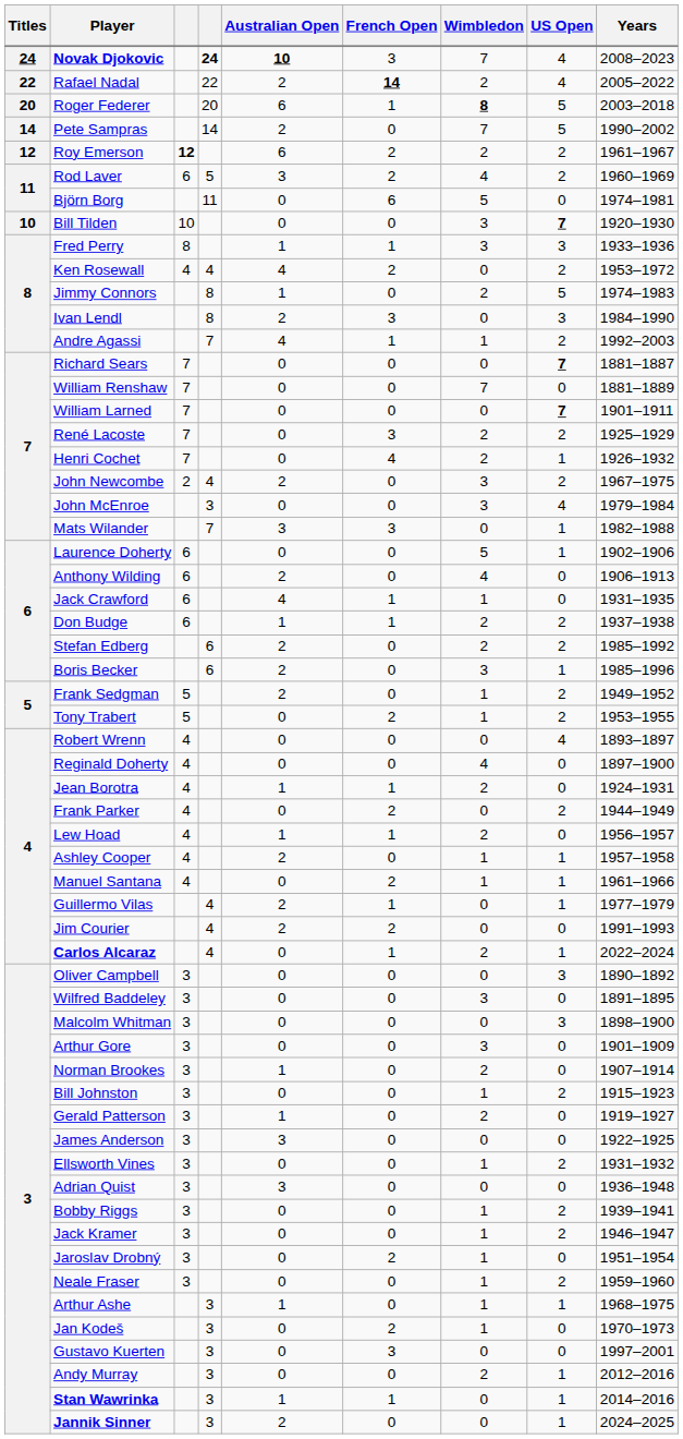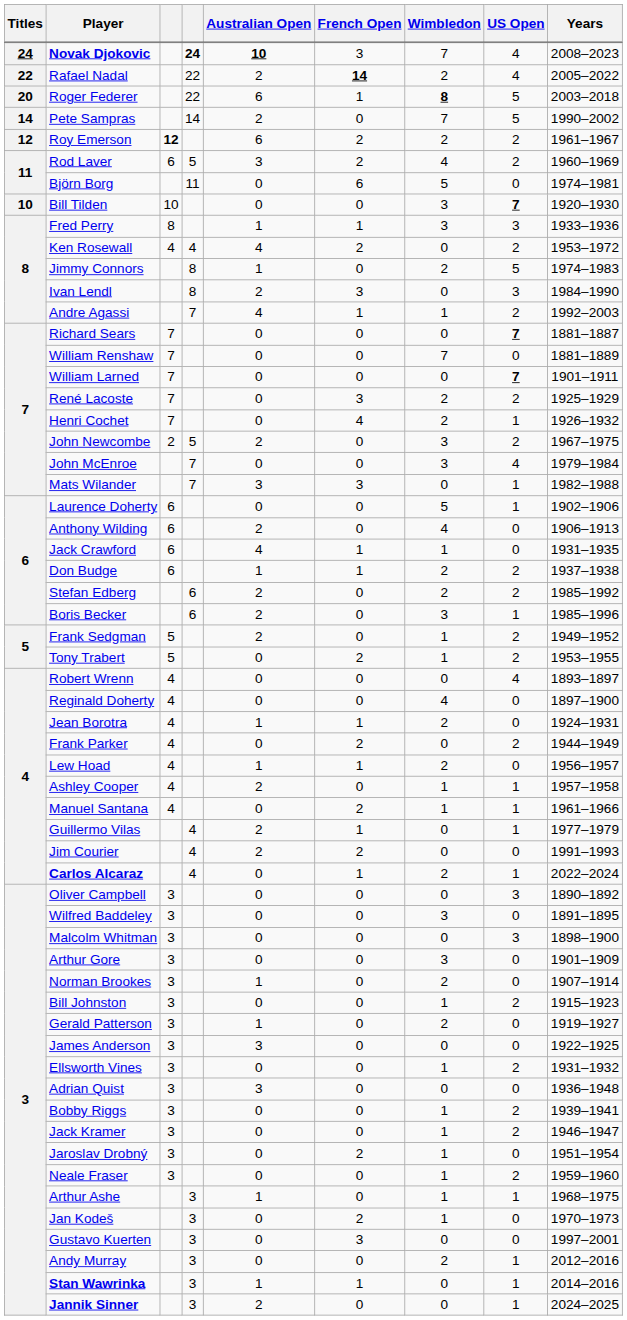 <table class="wikitable sortable mw-datatable sticky-table-row1 sort-under-center" style="text-align: center;">
 <tr style="height: 2.8em; border-bottom: 2px solid gray;">
 <th>Titles</th>
 <th class="unsortable">Player</th>
 <th></th>
 <th></th>
 <th><a href='#'>Australian Open</a></th>
 <th><a href='#'>French Open</a></th>
 <th><a href='#'>Wimbledon</a></th>
 <th><a href='#'>US Open</a></th>
 <th>Years</th>
 </tr>
 <tr>
 <th scope=row><u>24</u></th>
 <td style="text-align:left;"> <strong><a href='#'>Novak Djokovic</a></strong></td>
 <td></td>
 <td><strong>24</strong></td>
 <td><strong><u>10</u></strong></td>
 <td>3</td>
 <td>7</td>
 <td>4</td>
 <td>2008–2023</td>
 </tr>
 <tr>
 <th scope="row" style="text-align: center;">22</th>
 <td style="text-align:left;"> <a href='#'>Rafael Nadal</a></td>
 <td></td>
 <td>22</td>
 <td>2</td>
 <td><strong><u>14</u></strong></td>
 <td>2</td>
 <td>4</td>
 <td>2005–2022</td>
 </tr>
 <tr>
 <th scope="row" style="text-align: center;">20</th>
 <td style="text-align:left;"> <a href='#'>Roger Federer</a></td>
 <td></td>
-<td>20</td>
+<td>22</td>
 <td>6</td>
 <td>1</td>
 <td><strong><u>8</u></strong></td>
 <td>5</td>
 <td>2003–2018</td>
 </tr>
 <tr>
 <th scope="row" style="text-align: center;">14</th>
 <td style="text-align:left;"> <a href='#'>Pete Sampras</a></td>
 <td></td>
 <td>14</td>
 <td>2</td>
 <td>0</td>
 <td>7</td>
 <td>5</td>
 <td>1990–2002</td>
 </tr>
 <tr>
 <th scope="row" style="text-align: center;">12</th>
 <td style="text-align:left;"> <a href='#'>Roy Emerson</a></td>
 <td><strong>12</strong></td>
 <td></td>
 <td>6</td>
 <td>2</td>
 <td>2</td>
 <td>2</td>
 <td>1961–1967</td>
 </tr>
 <tr>
 <th scope="row" rowspan="2" style="text-align: center;">11</th>
 <td style="text-align:left;"> <a href='#'>Rod Laver</a></td>
 <td>6</td>
 <td>5</td>
 <td>3</td>
 <td>2</td>
 <td>4</td>
 <td>2</td>
 <td>1960–1969</td>
 </tr>
 <tr>
 <td style="text-align:left;"> <a href='#'>Björn Borg</a></td>
 <td></td>
 <td>11</td>
 <td>0</td>
 <td>6</td>
 <td>5</td>
 <td>0</td>
 <td>1974–1981</td>
 </tr>
 <tr>
 <th scope="row" style="text-align: center;">10</th>
 <td style="text-align:left;"> <a href='#'>Bill Tilden</a></td>
 <td>10</td>
 <td></td>
 <td>0</td>
 <td>0</td>
 <td>3</td>
 <td><strong><u>7</u></strong></td>
 <td>1920–1930</td>
 </tr>
 <tr>
 <th scope="row" rowspan="5" style="text-align: center;">8</th>
 <td style="text-align:left;"> <a href='#'>Fred Perry</a></td>
 <td>8</td>
 <td></td>
 <td>1</td>
 <td>1</td>
 <td>3</td>
 <td>3</td>
 <td>1933–1936</td>
 </tr>
 <tr>
 <td style="text-align:left;"> <a href='#'>Ken Rosewall</a></td>
 <td>4</td>
 <td>4</td>
 <td>4</td>
 <td>2</td>
 <td>0</td>
 <td>2</td>
 <td>1953–1972</td>
 </tr>
 <tr>
 <td style="text-align:left;"> <a href='#'>Jimmy Connors</a></td>
 <td></td>
 <td>8</td>
 <td>1</td>
 <td>0</td>
 <td>2</td>
 <td>5</td>
 <td>1974–1983</td>
 </tr>
 <tr>
 <td style="text-align:left;"> <a href='#'>Ivan Lendl</a></td>
 <td></td>
 <td>8</td>
 <td>2</td>
 <td>3</td>
 <td>0</td>
 <td>3</td>
 <td>1984–1990</td>
 </tr>
 <tr>
 <td style="text-align:left;"> <a href='#'>Andre Agassi</a></td>
 <td></td>
 <td>7</td>
 <td>4</td>
 <td>1</td>
 <td>1</td>
 <td>2</td>
 <td>1992–2003</td>
 </tr>
 <tr>
 <th scope="row" rowspan="8" style="text-align: center;">7</th>
 <td style="text-align:left;"> <a href='#'>Richard Sears</a></td>
 <td>7</td>
 <td></td>
 <td>0</td>
 <td>0</td>
 <td>0</td>
 <td><strong><u>7</u></strong></td>
 <td>1881–1887</td>
 </tr>
 <tr>
 <td style="text-align:left;"> <a href='#'>William Renshaw</a></td>
 <td>7</td>
 <td></td>
 <td>0</td>
 <td>0</td>
 <td>7</td>
 <td>0</td>
 <td>1881–1889</td>
 </tr>
 <tr>
 <td style="text-align:left;"> <a href='#'>William Larned</a></td>
 <td>7</td>
 <td></td>
 <td>0</td>
 <td>0</td>
 <td>0</td>
 <td><strong><u>7</u></strong></td>
 <td>1901–1911</td>
 </tr>
 <tr>
 <td style="text-align:left;"> <a href='#'>René Lacoste</a></td>
 <td>7</td>
 <td></td>
 <td>0</td>
 <td>3</td>
 <td>2</td>
 <td>2</td>
 <td>1925–1929</td>
 </tr>
 <tr>
 <td style="text-align:left;"> <a href='#'>Henri Cochet</a></td>
 <td>7</td>
 <td></td>
 <td>0</td>
 <td>4</td>
 <td>2</td>
 <td>1</td>
 <td>1926–1932</td>
 </tr>
 <tr>
 <td style="text-align:left;"> <a href='#'>John Newcombe</a></td>
 <td>2</td>
-<td>4</td>
+<td>5</td>
 <td>2</td>
 <td>0</td>
 <td>3</td>
 <td>2</td>
 <td>1967–1975</td>
 </tr>
 <tr>
 <td style="text-align:left;"> <a href='#'>John McEnroe</a></td>
 <td></td>
-<td>3</td>
+<td>7</td>
 <td>0</td>
 <td>0</td>
 <td>3</td>
 <td>4</td>
 <td>1979–1984</td>
 </tr>
 <tr>
 <td style="text-align:left;"> <a href='#'>Mats Wilander</a></td>
 <td></td>
 <td>7</td>
 <td>3</td>
 <td>3</td>
 <td>0</td>
 <td>1</td>
 <td>1982–1988</td>
 </tr>
 <tr>
 <th scope="row" rowspan="6" style="text-align: center;">6</th>
 <td style="text-align:left;"> <a href='#'>Laurence Doherty</a></td>
 <td>6</td>
 <td></td>
 <td>0</td>
 <td>0</td>
 <td>5</td>
 <td>1</td>
 <td>1902–1906</td>
 </tr>
 <tr>
 <td style="text-align:left;"> <a href='#'>Anthony Wilding</a></td>
 <td>6</td>
 <td></td>
 <td>2</td>
 <td>0</td>
 <td>4</td>
 <td>0</td>
 <td>1906–1913</td>
 </tr>
 <tr>
 <td style="text-align:left;"> <a href='#'>Jack Crawford</a></td>
 <td>6</td>
 <td></td>
 <td>4</td>
 <td>1</td>
 <td>1</td>
 <td>0</td>
 <td>1931–1935</td>
 </tr>
 <tr>
 <td style="text-align:left;"> <a href='#'>Don Budge</a></td>
 <td>6</td>
 <td></td>
 <td>1</td>
 <td>1</td>
 <td>2</td>
 <td>2</td>
 <td>1937–1938</td>
 </tr>
 <tr>
 <td style="text-align:left;"> <a href='#'>Stefan Edberg</a></td>
 <td></td>
 <td>6</td>
 <td>2</td>
 <td>0</td>
 <td>2</td>
 <td>2</td>
 <td>1985–1992</td>
 </tr>
 <tr>
 <td style="text-align:left;"> <a href='#'>Boris Becker</a></td>
 <td></td>
 <td>6</td>
 <td>2</td>
 <td>0</td>
 <td>3</td>
 <td>1</td>
 <td>1985–1996</td>
 </tr>
 <tr>
 <th scope="row" rowspan="2" style="text-align: center;">5</th>
 <td style="text-align:left;"> <a href='#'>Frank Sedgman</a></td>
 <td>5</td>
 <td></td>
 <td>2</td>
 <td>0</td>
 <td>1</td>
 <td>2</td>
 <td>1949–1952</td>
 </tr>
 <tr>
 <td style="text-align:left;"> <a href='#'>Tony Trabert</a></td>
 <td>5</td>
 <td></td>
 <td>0</td>
 <td>2</td>
 <td>1</td>
 <td>2</td>
 <td>1953–1955</td>
 </tr>
 <tr>
 <th scope="row" rowspan="10" style="text-align: center;">4</th>
 <td style="text-align:left;"> <a href='#'>Robert Wrenn</a></td>
 <td>4</td>
 <td></td>
 <td>0</td>
 <td>0</td>
 <td>0</td>
 <td>4</td>
 <td>1893–1897</td>
 </tr>
 <tr>
 <td style="text-align:left;"> <a href='#'>Reginald Doherty</a></td>
 <td>4</td>
 <td></td>
 <td>0</td>
 <td>0</td>
 <td>4</td>
 <td>0</td>
 <td>1897–1900</td>
 </tr>
 <tr>
 <td style="text-align:left;"> <a href='#'>Jean Borotra</a></td>
 <td>4</td>
 <td></td>
 <td>1</td>
 <td>1</td>
 <td>2</td>
 <td>0</td>
 <td>1924–1931</td>
 </tr>
 <tr>
 <td style="text-align:left;"> <a href='#'>Frank Parker</a></td>
 <td>4</td>
 <td></td>
 <td>0</td>
 <td>2</td>
 <td>0</td>
 <td>2</td>
 <td>1944–1949</td>
 </tr>
 <tr>
 <td style="text-align:left;"> <a href='#'>Lew Hoad</a></td>
 <td>4</td>
 <td></td>
 <td>1</td>
 <td>1</td>
 <td>2</td>
 <td>0</td>
 <td>1956–1957</td>
 </tr>
 <tr>
 <td style="text-align:left;"> <a href='#'>Ashley Cooper</a></td>
 <td>4</td>
 <td></td>
 <td>2</td>
 <td>0</td>
 <td>1</td>
 <td>1</td>
 <td>1957–1958</td>
 </tr>
 <tr>
 <td style="text-align:left;"> <a href='#'>Manuel Santana</a></td>
 <td>4</td>
 <td></td>
 <td>0</td>
 <td>2</td>
 <td>1</td>
 <td>1</td>
 <td>1961–1966</td>
 </tr>
 <tr>
 <td style="text-align:left;"> <a href='#'>Guillermo Vilas</a></td>
 <td></td>
 <td>4</td>
 <td>2</td>
 <td>1</td>
 <td>0</td>
 <td>1</td>
 <td>1977–1979</td>
 </tr>
 <tr>
 <td style="text-align:left;"> <a href='#'>Jim Courier</a></td>
 <td></td>
 <td>4</td>
 <td>2</td>
 <td>2</td>
 <td>0</td>
 <td>0</td>
 <td>1991–1993</td>
 </tr>
 <tr>
 <td style="text-align:left;"> <strong><a href='#'>Carlos Alcaraz</a></strong></td>
 <td></td>
 <td>4</td>
 <td>0</td>
 <td>1</td>
 <td>2</td>
 <td>1</td>
 <td>2022–2024</td>
 </tr>
 <tr>
 <th scope="row" rowspan="20" style="text-align: center;">3</th>
 <td style="text-align:left;"> <a href='#'>Oliver Campbell</a></td>
 <td>3</td>
 <td></td>
 <td>0</td>
 <td>0</td>
 <td>0</td>
 <td>3</td>
 <td>1890–1892</td>
 </tr>
 <tr>
 <td style="text-align:left;"> <a href='#'>Wilfred Baddeley</a></td>
 <td>3</td>
 <td></td>
 <td>0</td>
 <td>0</td>
 <td>3</td>
 <td>0</td>
 <td>1891–1895</td>
 </tr>
 <tr>
 <td style="text-align:left;"> <a href='#'>Malcolm Whitman</a></td>
 <td>3</td>
 <td></td>
 <td>0</td>
 <td>0</td>
 <td>0</td>
 <td>3</td>
 <td>1898–1900</td>
 </tr>
 <tr>
 <td style="text-align:left;"> <a href='#'>Arthur Gore</a></td>
 <td>3</td>
 <td></td>
 <td>0</td>
 <td>0</td>
 <td>3</td>
 <td>0</td>
 <td>1901–1909</td>
 </tr>
 <tr>
 <td style="text-align:left;"> <a href='#'>Norman Brookes</a></td>
 <td>3</td>
 <td></td>
 <td>1</td>
 <td>0</td>
 <td>2</td>
 <td>0</td>
 <td>1907–1914</td>
 </tr>
 <tr>
 <td style="text-align:left;"> <a href='#'>Bill Johnston</a></td>
 <td>3</td>
 <td></td>
 <td>0</td>
 <td>0</td>
 <td>1</td>
 <td>2</td>
 <td>1915–1923</td>
 </tr>
 <tr>
 <td style="text-align:left;"> <a href='#'>Gerald Patterson</a></td>
 <td>3</td>
 <td></td>
 <td>1</td>
 <td>0</td>
 <td>2</td>
 <td>0</td>
 <td>1919–1927</td>
 </tr>
 <tr>
 <td style="text-align:left;"> <a href='#'>James Anderson</a></td>
 <td>3</td>
 <td></td>
 <td>3</td>
 <td>0</td>
 <td>0</td>
 <td>0</td>
 <td>1922–1925</td>
 </tr>
 <tr>
 <td style="text-align:left;"> <a href='#'>Ellsworth Vines</a></td>
 <td>3</td>
 <td></td>
 <td>0</td>
 <td>0</td>
 <td>1</td>
 <td>2</td>
 <td>1931–1932</td>
 </tr>
 <tr>
 <td style="text-align:left;"> <a href='#'>Adrian Quist</a></td>
 <td>3</td>
 <td></td>
 <td>3</td>
 <td>0</td>
 <td>0</td>
 <td>0</td>
 <td>1936–1948</td>
 </tr>
 <tr>
 <td style="text-align:left;"> <a href='#'>Bobby Riggs</a></td>
 <td>3</td>
 <td></td>
 <td>0</td>
 <td>0</td>
 <td>1</td>
 <td>2</td>
 <td>1939–1941</td>
 </tr>
 <tr>
 <td style="text-align:left;"> <a href='#'>Jack Kramer</a></td>
 <td>3</td>
 <td></td>
 <td>0</td>
 <td>0</td>
 <td>1</td>
 <td>2</td>
 <td>1946–1947</td>
 </tr>
 <tr>
 <td style="text-align:left;"> <a href='#'>Jaroslav Drobný</a></td>
 <td>3</td>
 <td></td>
 <td>0</td>
 <td>2</td>
 <td>1</td>
 <td>0</td>
 <td>1951–1954</td>
 </tr>
 <tr>
 <td style="text-align:left;"> <a href='#'>Neale Fraser</a></td>
 <td>3</td>
 <td></td>
 <td>0</td>
 <td>0</td>
 <td>1</td>
 <td>2</td>
 <td>1959–1960</td>
 </tr>
 <tr>
 <td style="text-align:left;"> <a href='#'>Arthur Ashe</a></td>
 <td></td>
 <td>3</td>
 <td>1</td>
 <td>0</td>
 <td>1</td>
 <td>1</td>
 <td>1968–1975</td>
 </tr>
 <tr>
 <td style="text-align:left;"> <a href='#'>Jan Kodeš</a></td>
 <td></td>
 <td>3</td>
 <td>0</td>
 <td>2</td>
 <td>1</td>
 <td>0</td>
 <td>1970–1973</td>
 </tr>
 <tr>
 <td style="text-align:left;"> <a href='#'>Gustavo Kuerten</a></td>
 <td></td>
 <td>3</td>
 <td>0</td>
 <td>3</td>
 <td>0</td>
 <td>0</td>
 <td>1997–2001</td>
 </tr>
 <tr>
 <td style="text-align:left;"> <a href='#'>Andy Murray</a></td>
 <td></td>
 <td>3</td>
 <td>0</td>
 <td>0</td>
 <td>2</td>
 <td>1</td>
 <td>2012–2016</td>
 </tr>
 <tr>
 <td style="text-align:left;"> <strong><a href='#'>Stan Wawrinka</a></strong></td>
 <td></td>
 <td>3</td>
 <td>1</td>
 <td>1</td>
 <td>0</td>
 <td>1</td>
 <td>2014–2016</td>
 </tr>
 <tr>
 <td style="text-align:left;"> <strong><a href='#'>Jannik Sinner</a></strong></td>
 <td></td>
 <td>3</td>
 <td>2</td>
 <td>0</td>
 <td>0</td>
 <td>1</td>
 <td>2024–2025</td>
 </tr>
 </table>
